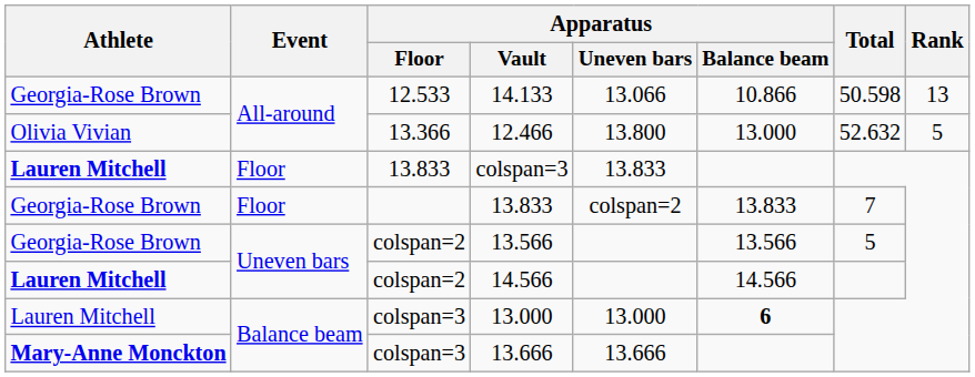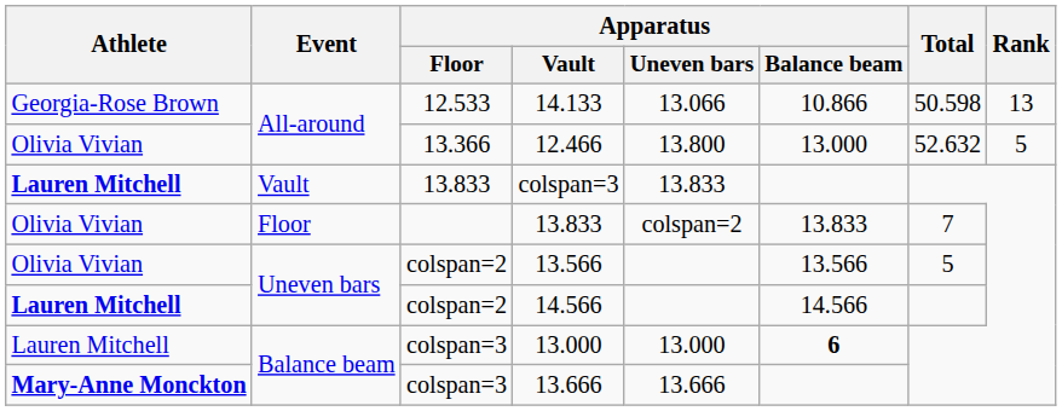 <table class="wikitable" style="font-size:90%">
 <tr>
 <th rowspan=2>Athlete</th>
 <th rowspan=2>Event</th>
 <th colspan=4>Apparatus</th>
 <th rowspan=2>Total</th>
 <th rowspan=2>Rank</th>
 </tr>
 <tr style="font-size:95%">
 <th>Floor</th>
 <th>Vault</th>
 <th>Uneven bars</th>
 <th>Balance beam</th>
 </tr>
 <tr align=center>
 <td align=left><a href='#'>Georgia-Rose Brown</a></td>
 <td align=left rowspan=2><a href='#'>All-around</a></td>
 <td>12.533</td>
 <td>14.133</td>
 <td>13.066</td>
 <td>10.866</td>
 <td>50.598</td>
 <td>13</td>
 </tr>
 <tr align=center>
 <td align=left><a href='#'>Olivia Vivian</a></td>
 <td>13.366</td>
 <td>12.466</td>
 <td>13.800</td>
 <td>13.000</td>
 <td>52.632</td>
 <td>5</td>
 </tr>
 <tr align=center>
 <td align=left><strong><a href='#'>Lauren Mitchell</a></strong></td>
-<td align=left><a href='#'>Floor</a></td>
+<td align=left><a href='#'>Vault</a></td>
 <td>13.833</td>
 <td>colspan=3 </td>
 <td>13.833</td>
 <td></td>
 </tr>
 <tr align=center>
-<td align=left><a href='#'>Georgia-Rose Brown</a></td>
+<td align=left><a href='#'>Olivia Vivian</a></td>
 <td align=left><a href='#'>Floor</a></td>
 <td></td>
 <td>13.833</td>
 <td>colspan=2 </td>
 <td>13.833</td>
 <td>7</td>
 </tr>
 <tr align=center>
-<td align=left><a href='#'>Georgia-Rose Brown</a></td>
+<td align=left><a href='#'>Olivia Vivian</a></td>
 <td align=left rowspan=2><a href='#'>Uneven bars</a></td>
 <td>colspan=2 </td>
 <td>13.566</td>
 <td></td>
 <td>13.566</td>
 <td>5</td>
 </tr>
 <tr align=center>
 <td align=left><strong><a href='#'>Lauren Mitchell</a></strong></td>
 <td>colspan=2 </td>
 <td>14.566</td>
 <td></td>
 <td>14.566</td>
 <td></td>
 </tr>
 <tr align=center>
 <td align=left><a href='#'>Lauren Mitchell</a></td>
 <td align=left rowspan=2><a href='#'>Balance beam</a></td>
 <td>colspan=3 </td>
 <td>13.000</td>
 <td>13.000</td>
 <td><strong>6</strong></td>
 </tr>
 <tr align=center>
 <td align=left><strong><a href='#'>Mary-Anne Monckton</a></strong></td>
 <td>colspan=3 </td>
 <td>13.666</td>
 <td>13.666</td>
 <td></td>
 </tr>
 </table>
